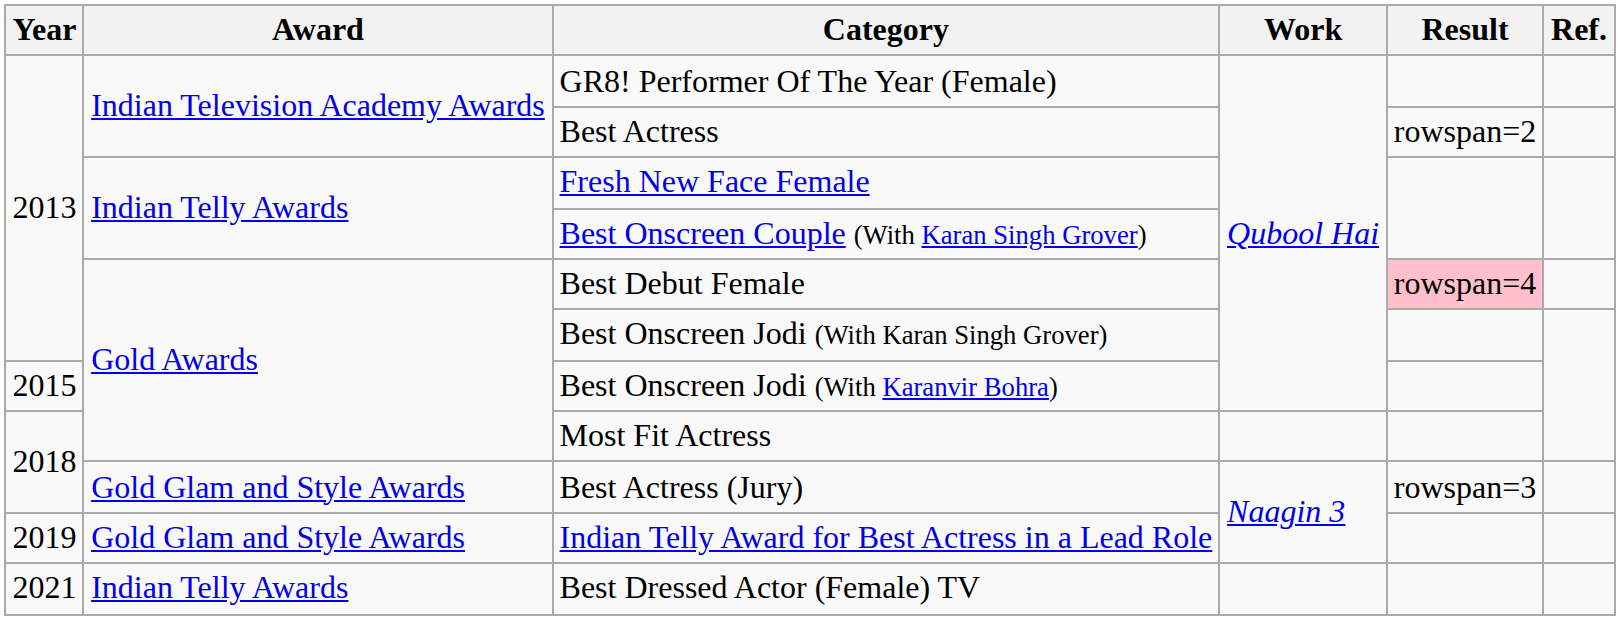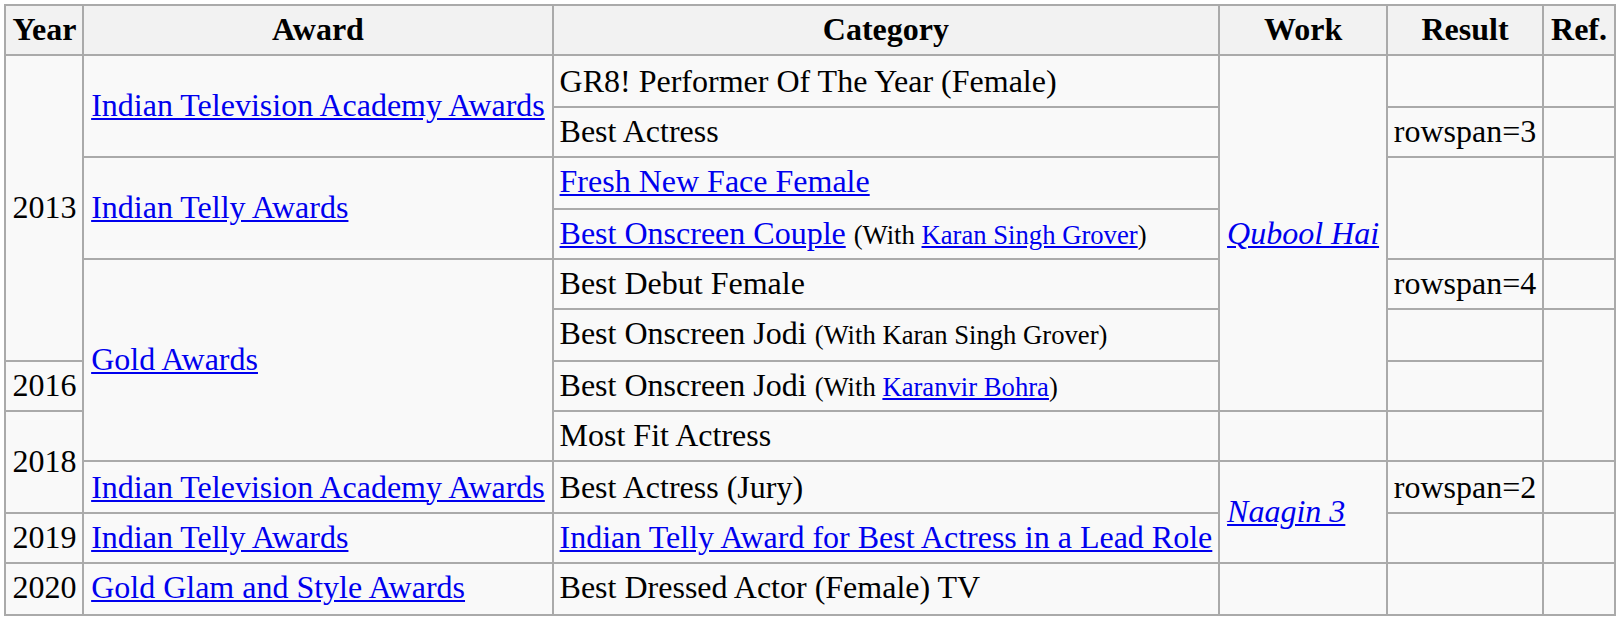 <table class="wikitable sortable">
 <tr>
 <th>Year</th>
 <th>Award</th>
 <th>Category</th>
 <th>Work</th>
 <th class="unsortable">Result</th>
 <th class="unsortable">Ref.</th>
 </tr>
 <tr>
 <td rowspan="6">2013</td>
 <td rowspan="2"><a href='#'>Indian Television Academy Awards</a></td>
 <td>GR8! Performer Of The Year (Female)</td>
 <td rowspan="7"><em><a href='#'>Qubool Hai</a></em></td>
 <td></td>
 <td style="text-align:center;"></td>
 </tr>
 <tr>
 <td>Best Actress</td>
-<td>rowspan=2 </td>
+<td>rowspan=3 </td>
 <td style="text-align:center;"></td>
 </tr>
 <tr>
 <td rowspan="2"><a href='#'>Indian Telly Awards</a></td>
 <td><a href='#'>Fresh New Face Female</a></td>
 <td style="text-align:center;" rowspan="2"></td>
 </tr>
 <tr>
 <td><a href='#'>Best Onscreen Couple</a> <small>(With <a href='#'>Karan Singh Grover</a>)</small></td>
 </tr>
 <tr>
 <td rowspan="4"><a href='#'>Gold Awards</a></td>
 <td>Best Debut Female</td>
-<td style="background: pink;">rowspan=4 </td>
+<td>rowspan=4 </td>
 <td></td>
 </tr>
 <tr>
 <td>Best Onscreen Jodi <small>(With Karan Singh Grover)</small></td>
 <td></td>
 </tr>
 <tr>
-<td>2015</td>
+<td>2016</td>
 <td>Best Onscreen Jodi <small>(With <a href='#'>Karanvir Bohra</a>)</small></td>
 <td></td>
 </tr>
 <tr>
 <td rowspan="2">2018</td>
 <td>Most Fit Actress</td>
 <td></td>
 <td style="text-align:center;"></td>
 </tr>
 <tr>
-<td><a href='#'>Gold Glam and Style Awards</a></td>
+<td><a href='#'>Indian Television Academy Awards</a></td>
 <td>Best Actress (Jury)</td>
 <td rowspan="2"><em><a href='#'>Naagin 3</a></em></td>
-<td>rowspan=3 </td>
+<td>rowspan=2 </td>
 <td style="text-align:center;"></td>
 </tr>
 <tr>
 <td>2019</td>
-<td><a href='#'>Gold Glam and Style Awards</a></td>
+<td><a href='#'>Indian Telly Awards</a></td>
 <td><a href='#'>Indian Telly Award for Best Actress in a Lead Role</a></td>
 <td></td>
 </tr>
 <tr>
-<td>2021</td>
-<td><a href='#'>Indian Telly Awards</a></td>
+<td>2020</td>
+<td><a href='#'>Gold Glam and Style Awards</a></td>
 <td>Best Dressed Actor (Female) TV</td>
 <td></td>
 <td></td>
 <td></td>
 </tr>
 </table>
